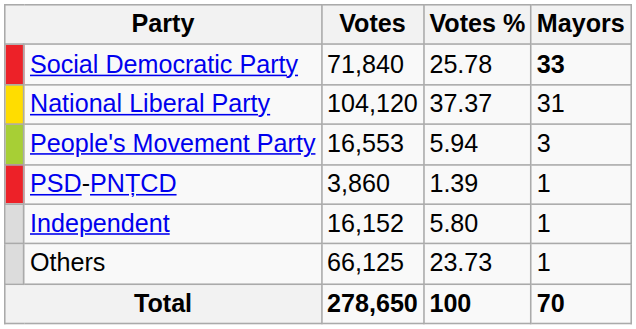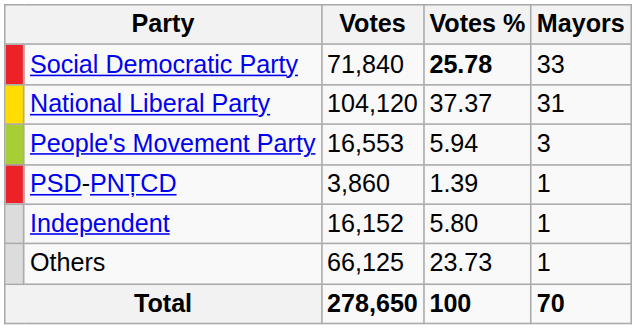 <table class="wikitable">
 <tr>
 <th colspan="2">Party</th>
 <th>Votes</th>
 <th>Votes %</th>
 <th>Mayors</th>
 </tr>
 <tr>
 <td style="background:#ed2128;" width="5"></td>
 <td><a href='#'>Social Democratic Party</a></td>
 <td>71,840</td>
-<td>25.78</td>
-<td><strong>33</strong></td>
+<td><strong>25.78</strong></td>
+<td>33</td>
 </tr>
 <tr>
 <td style="background:#ffdd00;" width="5"></td>
 <td><a href='#'>National Liberal Party</a></td>
 <td>104,120</td>
 <td>37.37</td>
 <td>31</td>
 </tr>
 <tr>
 <td style="background:#a7cf35;" width="5"></td>
 <td><a href='#'>People's Movement Party</a></td>
 <td>16,553</td>
 <td>5.94</td>
 <td>3</td>
 </tr>
 <tr>
 <td style="background:#ed2128;" width="5"></td>
 <td><a href='#'>PSD</a>-<a href='#'>PNȚCD</a></td>
 <td>3,860</td>
 <td>1.39</td>
 <td>1</td>
 </tr>
 <tr>
 <td style="background:#dcdcdc;" width="5"></td>
 <td><a href='#'>Independent</a></td>
 <td>16,152</td>
 <td>5.80</td>
 <td>1</td>
 </tr>
 <tr>
 <td style="background:#dcdcdc;" width="5"></td>
 <td>Others</td>
 <td>66,125</td>
 <td>23.73</td>
 <td>1</td>
 </tr>
 <tr>
 <th colspan="2">Total</th>
 <td><strong>278,650</strong></td>
 <td><strong>100</strong></td>
 <td><strong>70</strong></td>
 </tr>
 </table>
